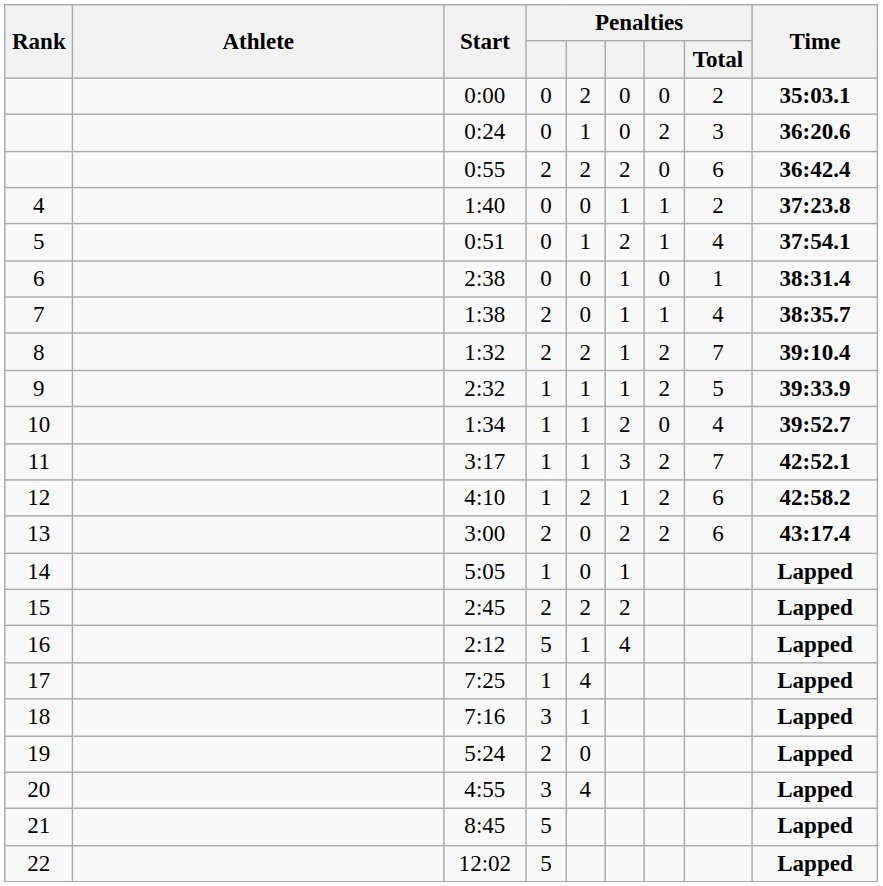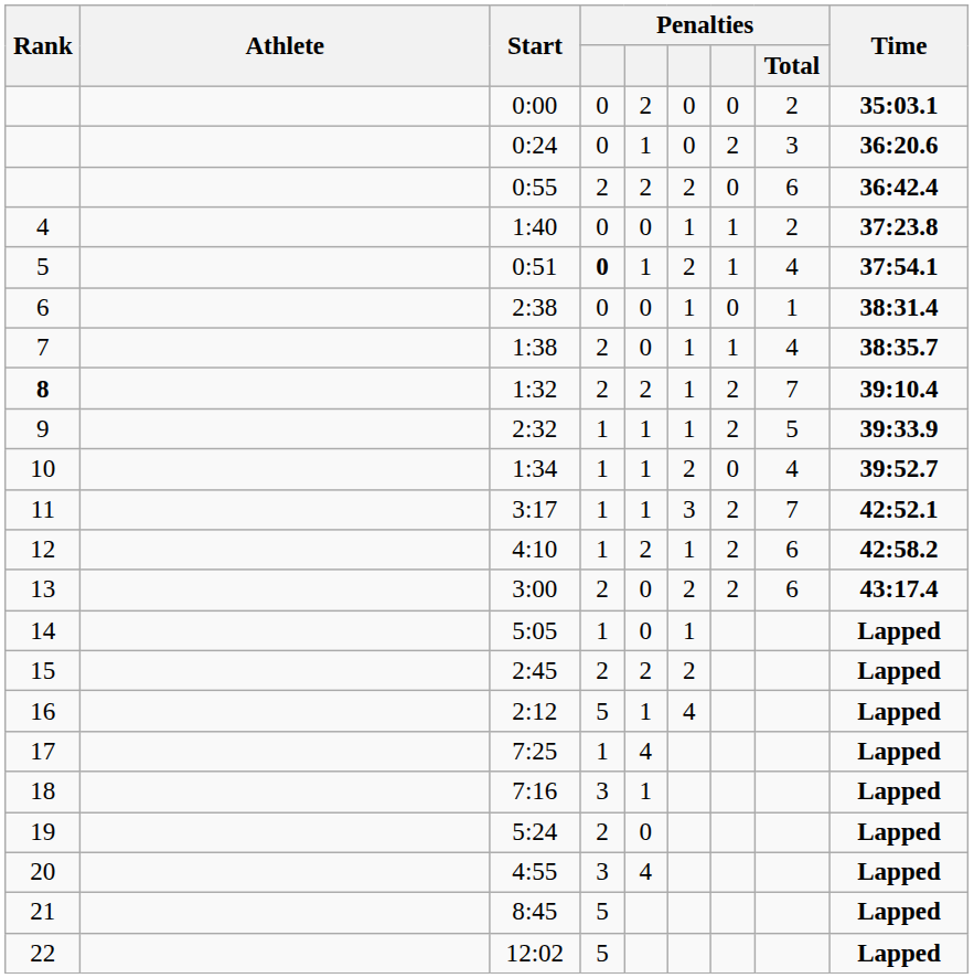 <table class=wikitable style="text-align:center">
 <tr>
 <th rowspan=2 width=40>Rank</th>
 <th rowspan=2 width=250>Athlete</th>
 <th rowspan=2 width=50>Start</th>
 <th colspan=5>Penalties</th>
 <th rowspan=2 width=80>Time</th>
 </tr>
 <tr>
 <th width=20></th>
 <th width=20></th>
 <th width=20></th>
 <th width=20></th>
 <th width=40>Total</th>
 </tr>
 <tr>
 <td></td>
 <td align=left></td>
 <td>0:00</td>
 <td>0</td>
 <td>2</td>
 <td>0</td>
 <td>0</td>
 <td>2</td>
 <td><strong>35:03.1</strong></td>
 </tr>
 <tr>
 <td></td>
 <td align=left></td>
 <td>0:24</td>
 <td>0</td>
 <td>1</td>
 <td>0</td>
 <td>2</td>
 <td>3</td>
 <td><strong>36:20.6</strong></td>
 </tr>
 <tr>
 <td></td>
 <td align=left></td>
 <td>0:55</td>
 <td>2</td>
 <td>2</td>
 <td>2</td>
 <td>0</td>
 <td>6</td>
 <td><strong>36:42.4</strong></td>
 </tr>
 <tr>
 <td>4</td>
 <td align=left></td>
 <td>1:40</td>
 <td>0</td>
 <td>0</td>
 <td>1</td>
 <td>1</td>
 <td>2</td>
 <td><strong>37:23.8</strong></td>
 </tr>
 <tr>
 <td>5</td>
 <td align=left></td>
 <td>0:51</td>
-<td>0</td>
+<td><strong>0</strong></td>
 <td>1</td>
 <td>2</td>
 <td>1</td>
 <td>4</td>
 <td><strong>37:54.1</strong></td>
 </tr>
 <tr>
 <td>6</td>
 <td align=left></td>
 <td>2:38</td>
 <td>0</td>
 <td>0</td>
 <td>1</td>
 <td>0</td>
 <td>1</td>
 <td><strong>38:31.4</strong></td>
 </tr>
 <tr>
 <td>7</td>
 <td align=left></td>
 <td>1:38</td>
 <td>2</td>
 <td>0</td>
 <td>1</td>
 <td>1</td>
 <td>4</td>
 <td><strong>38:35.7</strong></td>
 </tr>
 <tr>
-<td>8</td>
+<td><strong>8</strong></td>
 <td align=left></td>
 <td>1:32</td>
 <td>2</td>
 <td>2</td>
 <td>1</td>
 <td>2</td>
 <td>7</td>
 <td><strong>39:10.4</strong></td>
 </tr>
 <tr>
 <td>9</td>
 <td align=left></td>
 <td>2:32</td>
 <td>1</td>
 <td>1</td>
 <td>1</td>
 <td>2</td>
 <td>5</td>
 <td><strong>39:33.9</strong></td>
 </tr>
 <tr>
 <td>10</td>
 <td align=left></td>
 <td>1:34</td>
 <td>1</td>
 <td>1</td>
 <td>2</td>
 <td>0</td>
 <td>4</td>
 <td><strong>39:52.7</strong></td>
 </tr>
 <tr>
 <td>11</td>
 <td align=left></td>
 <td>3:17</td>
 <td>1</td>
 <td>1</td>
 <td>3</td>
 <td>2</td>
 <td>7</td>
 <td><strong>42:52.1</strong></td>
 </tr>
 <tr>
 <td>12</td>
 <td align=left></td>
 <td>4:10</td>
 <td>1</td>
 <td>2</td>
 <td>1</td>
 <td>2</td>
 <td>6</td>
 <td><strong>42:58.2</strong></td>
 </tr>
 <tr>
 <td>13</td>
 <td align=left></td>
 <td>3:00</td>
 <td>2</td>
 <td>0</td>
 <td>2</td>
 <td>2</td>
 <td>6</td>
 <td><strong>43:17.4</strong></td>
 </tr>
 <tr>
 <td>14</td>
 <td align=left></td>
 <td>5:05</td>
 <td>1</td>
 <td>0</td>
 <td>1</td>
 <td></td>
 <td></td>
 <td><strong>Lapped</strong></td>
 </tr>
 <tr>
 <td>15</td>
 <td align=left></td>
 <td>2:45</td>
 <td>2</td>
 <td>2</td>
 <td>2</td>
 <td></td>
 <td></td>
 <td><strong>Lapped</strong></td>
 </tr>
 <tr>
 <td>16</td>
 <td align=left></td>
 <td>2:12</td>
 <td>5</td>
 <td>1</td>
 <td>4</td>
 <td></td>
 <td></td>
 <td><strong>Lapped</strong></td>
 </tr>
 <tr>
 <td>17</td>
 <td align=left></td>
 <td>7:25</td>
 <td>1</td>
 <td>4</td>
 <td></td>
 <td></td>
 <td></td>
 <td><strong>Lapped</strong></td>
 </tr>
 <tr>
 <td>18</td>
 <td align=left></td>
 <td>7:16</td>
 <td>3</td>
 <td>1</td>
 <td></td>
 <td></td>
 <td></td>
 <td><strong>Lapped</strong></td>
 </tr>
 <tr>
 <td>19</td>
 <td align=left></td>
 <td>5:24</td>
 <td>2</td>
 <td>0</td>
 <td></td>
 <td></td>
 <td></td>
 <td><strong>Lapped</strong></td>
 </tr>
 <tr>
 <td>20</td>
 <td align=left></td>
 <td>4:55</td>
 <td>3</td>
 <td>4</td>
 <td></td>
 <td></td>
 <td></td>
 <td><strong>Lapped</strong></td>
 </tr>
 <tr>
 <td>21</td>
 <td align=left></td>
 <td>8:45</td>
 <td>5</td>
 <td></td>
 <td></td>
 <td></td>
 <td></td>
 <td><strong>Lapped</strong></td>
 </tr>
 <tr>
 <td>22</td>
 <td align=left></td>
 <td>12:02</td>
 <td>5</td>
 <td></td>
 <td></td>
 <td></td>
 <td></td>
 <td><strong>Lapped</strong></td>
 </tr>
 </table>
